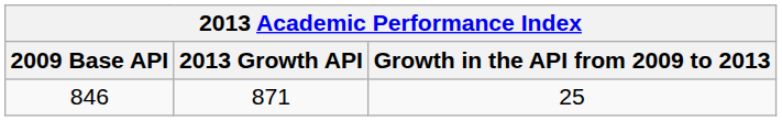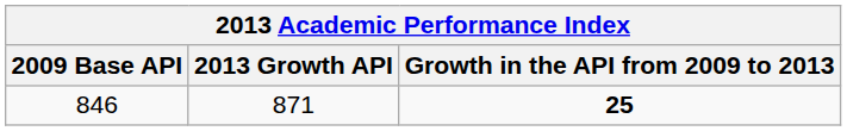 <table class="wikitable" style="text-align:center">
 <tr>
 <th colspan="3">2013 <a href='#'>Academic Performance Index</a></th>
 </tr>
 <tr>
 <th>2009 Base API</th>
 <th>2013 Growth API</th>
 <th>Growth in the API from 2009 to 2013</th>
 </tr>
 <tr>
 <td>846</td>
 <td>871</td>
-<td>25</td>
+<td><strong>25</strong></td>
 </tr>
 </table>
